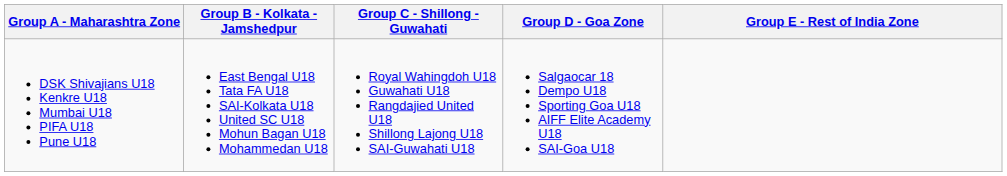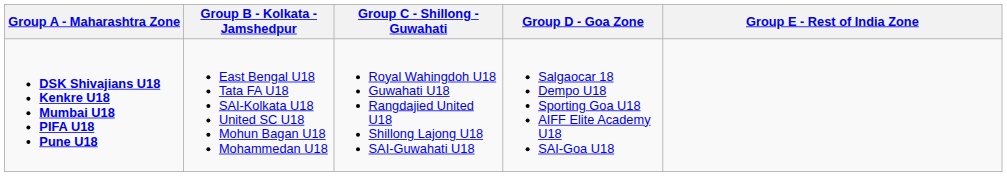 <table class=wikitable>
 <tr>
 <th width=18%><a href='#'>Group A - Maharashtra Zone</a></th>
 <th width=15%><a href='#'>Group B - Kolkata - Jamshedpur</a></th>
 <th width=17%><a href='#'>Group C - Shillong - Guwahati</a></th>
 <th width=16%><a href='#'>Group D - Goa Zone</a></th>
 <th colspan=2><a href='#'>Group E - Rest of India Zone</a></th>
 </tr>
 <tr>
-<td><br><ul><li><a href='#'>DSK Shivajians U18</a></li><li><a href='#'>Kenkre U18</a></li><li><a href='#'>Mumbai U18</a></li><li><a href='#'>PIFA U18</a></li><li><a href='#'>Pune U18</a></li></ul></td>
+<td><strong><br><ul><li><a href='#'>DSK Shivajians U18</a></li><li><a href='#'>Kenkre U18</a></li><li><a href='#'>Mumbai U18</a></li><li><a href='#'>PIFA U18</a></li><li><a href='#'>Pune U18</a></li></ul></strong></td>
 <td><br><ul><li><a href='#'>East Bengal U18</a></li><li><a href='#'>Tata FA U18</a></li><li><a href='#'>SAI-Kolkata U18</a></li><li><a href='#'>United SC U18</a></li><li><a href='#'>Mohun Bagan U18</a></li><li><a href='#'>Mohammedan U18</a></li></ul></td>
 <td><br><ul><li><a href='#'>Royal Wahingdoh U18</a></li><li><a href='#'>Guwahati U18</a></li><li><a href='#'>Rangdajied United U18</a></li><li><a href='#'>Shillong Lajong U18</a></li><li><a href='#'>SAI-Guwahati U18</a></li></ul></td>
 <td><br><ul><li><a href='#'>Salgaocar 18</a></li><li><a href='#'>Dempo U18</a></li><li><a href='#'>Sporting Goa U18</a></li><li><a href='#'>AIFF Elite Academy U18</a></li><li><a href='#'>SAI-Goa U18</a></li></ul></td>
 </tr>
 </table>
